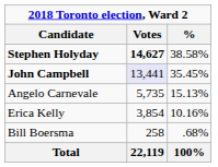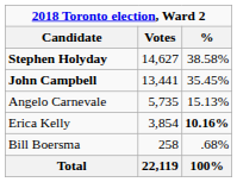 <table class="wikitable">
 <tr>
 <td Colspan="3" align="center"><strong><a href='#'>2018 Toronto election</a>, Ward 2</strong></td>
 </tr>
 <tr>
 <th bgcolor="#DDDDFF" width="150px">Candidate</th>
 <th bgcolor="#DDDDFF">Votes</th>
 <th bgcolor="#DDDDFF">%</th>
 </tr>
 <tr>
 <td><strong>Stephen Holyday</strong></td>
-<td align=right><strong>14,627</strong></td>
+<td align=right>14,627</td>
 <td align=right>38.58%</td>
 </tr>
 <tr>
 <td><strong>John Campbell</strong></td>
-<td align=right style="background: lavender;">13,441</td>
+<td align=right>13,441</td>
 <td align=right>35.45%</td>
 </tr>
 <tr>
 <td>Angelo Carnevale</td>
 <td align=right>5,735</td>
 <td align=right>15.13%</td>
 </tr>
 <tr>
 <td>Erica Kelly</td>
 <td align=right>3,854</td>
-<td align=right>10.16%</td>
+<td align=right><strong>10.16%</strong></td>
 </tr>
 <tr>
 <td>Bill Boersma</td>
 <td align=right>258</td>
 <td align=right>.68%</td>
 </tr>
 <tr>
 <th>Total</th>
 <th align=right>22,119</th>
 <th align=right>100%</th>
 </tr>
 </table>
